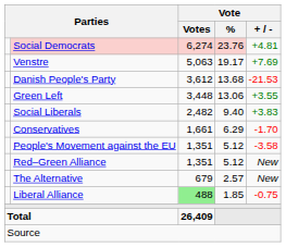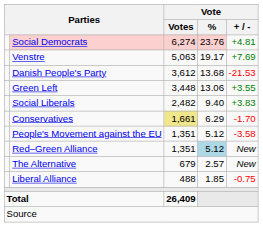 <table class="wikitable" style="text-align:right;">
 <tr>
 <th style="text-align:centre;" rowspan="2" colspan="2" width="225">Parties</th>
 <th colspan="3">Vote</th>
 </tr>
 <tr>
 <th width="15">Votes</th>
 <th width="15">%</th>
 <th width="15">+ / -</th>
 </tr>
 <tr>
 <td width="2" style="color:inherit;background:"></td>
 <td bgcolor=#fbd0ce   align="left"><a href='#'>Social Democrats</a></td>
 <td bgcolor=#fbd0ce>6,274</td>
 <td bgcolor=#fbd0ce>23.76</td>
 <td style=color:green;>+4.81</td>
 </tr>
 <tr>
 <td width="2" style="color:inherit;background:"></td>
 <td align="left"><a href='#'>Venstre</a></td>
 <td>5,063</td>
 <td>19.17</td>
 <td style=color:green;>+7.69</td>
 </tr>
 <tr>
 <td width="2" style="color:inherit;background:"></td>
 <td align="left"><a href='#'>Danish People's Party</a></td>
 <td>3,612</td>
 <td>13.68</td>
 <td style=color:red;>-21.53</td>
 </tr>
 <tr>
 <td width="2" style="color:inherit;background:"></td>
 <td align="left"><a href='#'>Green Left</a></td>
 <td>3,448</td>
 <td>13.06</td>
 <td style=color:green;>+3.55</td>
 </tr>
 <tr>
 <td width="2" style="color:inherit;background:"></td>
 <td align="left"><a href='#'>Social Liberals</a></td>
 <td>2,482</td>
 <td>9.40</td>
 <td style=color:green;>+3.83</td>
 </tr>
 <tr>
 <td width="2" style="color:inherit;background:"></td>
 <td align="left"><a href='#'>Conservatives</a></td>
-<td>1,661</td>
+<td style="background: khaki;">1,661</td>
 <td>6.29</td>
 <td style=color:red;>-1.70</td>
 </tr>
 <tr>
 <td width="2" style="color:inherit;background:"></td>
 <td align="left"><a href='#'>People's Movement against the EU</a></td>
 <td>1,351</td>
 <td>5.12</td>
 <td style=color:red;>-3.58</td>
 </tr>
 <tr>
 <td width="2" style="color:inherit;background:"></td>
 <td align="left"><a href='#'>Red–Green Alliance</a></td>
 <td>1,351</td>
-<td>5.12</td>
+<td style="background: lightblue;">5.12</td>
 <td><em>New</em></td>
 </tr>
 <tr>
 <td width="2" style="color:inherit;background:"></td>
 <td align="left"><a href='#'>The Alternative</a></td>
 <td>679</td>
 <td>2.57</td>
 <td><em>New</em></td>
 </tr>
 <tr>
 <td width="2" style="color:inherit;background:"></td>
 <td align="left"><a href='#'>Liberal Alliance</a></td>
-<td style="background: lightgreen;">488</td>
+<td>488</td>
 <td>1.85</td>
 <td style=color:red;>-0.75</td>
 </tr>
 <tr>
 <td colspan="7" bgcolor="#E9E9E9"></td>
 </tr>
 <tr>
 <td align="left" colspan="2"><strong>Total</strong></td>
 <td><strong>26,409</strong></td>
 <td bgcolor="#E9E9E9" colspan="2"></td>
 </tr>
 <tr>
 <td align="left" colspan="6">Source</td>
 </tr>
 </table>
